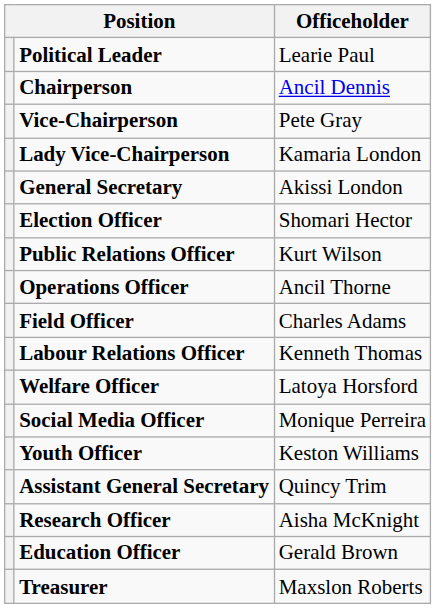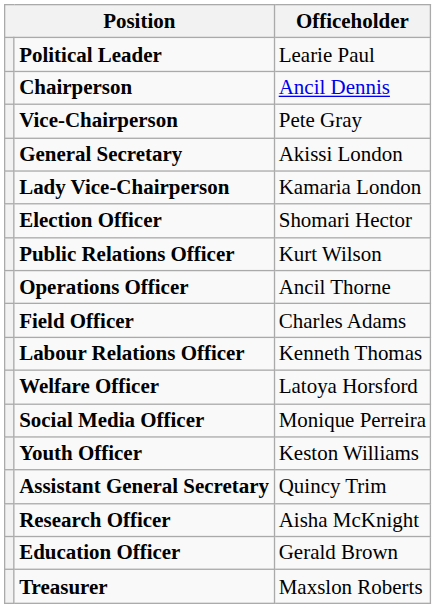 <table class="wikitable sortable">
 <tr>
 <th colspan="2">Position</th>
 <th>Officeholder</th>
 </tr>
 <tr>
 <th style="background-color: "></th>
 <td><strong>Political Leader</strong></td>
 <td>Learie Paul</td>
 </tr>
 <tr>
 <th style="background-color: "></th>
 <td><strong>Chairperson</strong></td>
 <td><a href='#'>Ancil Dennis</a></td>
 </tr>
 <tr>
 <th style="background-color: "></th>
 <td><strong>Vice-Chairperson</strong></td>
 <td>Pete Gray</td>
 </tr>
 <tr>
 <th style="background-color: "></th>
-<td><strong>Lady Vice-Chairperson</strong></td>
-<td>Kamaria London</td>
+<td><strong>General Secretary</strong></td>
+<td>Akissi London</td>
 </tr>
 <tr>
 <th style="background-color: "></th>
-<td><strong>General Secretary</strong></td>
-<td>Akissi London</td>
+<td><strong>Lady Vice-Chairperson</strong></td>
+<td>Kamaria London</td>
 </tr>
 <tr>
 <th style="background-color: "></th>
 <td><strong>Election Officer</strong></td>
 <td>Shomari Hector</td>
 </tr>
 <tr>
 <th style="background-color: "></th>
 <td><strong>Public Relations Officer</strong></td>
 <td>Kurt Wilson</td>
 </tr>
 <tr>
 <th style="background-color: "></th>
 <td><strong>Operations Officer</strong></td>
 <td>Ancil Thorne</td>
 </tr>
 <tr>
 <th style="background-color: "></th>
 <td><strong>Field Officer</strong></td>
 <td>Charles Adams</td>
 </tr>
 <tr>
 <th style="background-color: "></th>
 <td><strong>Labour Relations Officer</strong></td>
 <td>Kenneth Thomas</td>
 </tr>
 <tr>
 <th style="background-color: "></th>
 <td><strong>Welfare Officer</strong></td>
 <td>Latoya Horsford</td>
 </tr>
 <tr>
 <th style="background-color: "></th>
 <td><strong>Social Media Officer</strong></td>
 <td>Monique Perreira</td>
 </tr>
 <tr>
 <th style="background-color: "></th>
 <td><strong>Youth Officer</strong></td>
 <td>Keston Williams</td>
 </tr>
 <tr>
 <th style="background-color: "></th>
 <td><strong>Assistant General Secretary</strong></td>
 <td>Quincy Trim</td>
 </tr>
 <tr>
 <th style="background-color: "></th>
 <td><strong>Research Officer</strong></td>
 <td>Aisha McKnight</td>
 </tr>
 <tr>
 <th style="background-color: "></th>
 <td><strong>Education Officer</strong></td>
 <td>Gerald Brown</td>
 </tr>
 <tr>
 <th style="background-color: "></th>
 <td><strong>Treasurer</strong></td>
 <td>Maxslon Roberts</td>
 </tr>
 </table>
